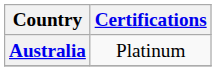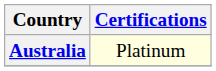 <table class="wikitable plainrowheaders">
 <tr>
 <th scope="col">Country</th>
 <th scope="col"><a href='#'>Certifications</a></th>
 </tr>
 <tr>
 <th scope="row"><a href='#'>Australia</a></th>
-<td style="text-align:center;">Platinum</td>
+<td style="background: lightyellow; text-align:center;">Platinum</td>
 </tr>
 <tr>
 </tr>
 </table>
